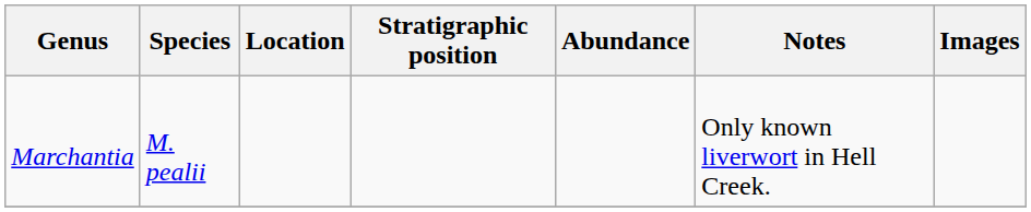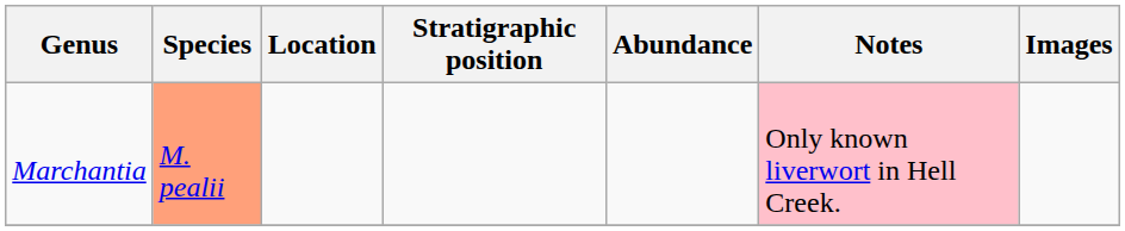 <table class="wikitable sortable"  style="margin:auto; width:100%;">
 <tr>
 <th>Genus</th>
 <th>Species</th>
 <th>Location</th>
 <th>Stratigraphic position</th>
 <th>Abundance</th>
 <th>Notes</th>
 <th>Images</th>
 </tr>
 <tr>
 <td><br><em><a href='#'>Marchantia</a></em></td>
-<td><br><em><a href='#'>M. pealii</a></em></td>
+<td style="background: lightsalmon;"><br><em><a href='#'>M. pealii</a></em></td>
 <td></td>
 <td></td>
 <td></td>
-<td><br>Only known <a href='#'>liverwort</a> in Hell Creek.</td>
+<td style="background: pink;"><br>Only known <a href='#'>liverwort</a> in Hell Creek.</td>
 <td><br></td>
 </tr>
 <tr>
 </tr>
 </table>
